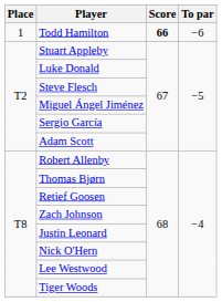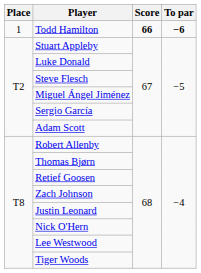 <table class="wikitable">
 <tr>
 <th>Place</th>
 <th>Player</th>
 <th>Score</th>
 <th>To par</th>
 </tr>
 <tr>
 <td align=center>1</td>
 <td> <a href='#'>Todd Hamilton</a></td>
 <td align=center><strong>66</strong></td>
-<td align=center>−6</td>
+<td align=center><strong>−6</strong></td>
 </tr>
 <tr>
 <td rowspan="6" align=center>T2</td>
 <td> <a href='#'>Stuart Appleby</a></td>
 <td rowspan="6" align=center>67</td>
 <td rowspan="6" align=center>−5</td>
 </tr>
 <tr>
 <td> <a href='#'>Luke Donald</a></td>
 </tr>
 <tr>
 <td> <a href='#'>Steve Flesch</a></td>
 </tr>
 <tr>
 <td> <a href='#'>Miguel Ángel Jiménez</a></td>
 </tr>
 <tr>
 <td> <a href='#'>Sergio García</a></td>
 </tr>
 <tr>
 <td> <a href='#'>Adam Scott</a></td>
 </tr>
 <tr>
 <td rowspan="8" align=center>T8</td>
 <td> <a href='#'>Robert Allenby</a></td>
 <td rowspan="8" align=center>68</td>
 <td rowspan="8" align=center>−4</td>
 </tr>
 <tr>
 <td> <a href='#'>Thomas Bjørn</a></td>
 </tr>
 <tr>
 <td> <a href='#'>Retief Goosen</a></td>
 </tr>
 <tr>
 <td> <a href='#'>Zach Johnson</a></td>
 </tr>
 <tr>
 <td> <a href='#'>Justin Leonard</a></td>
 </tr>
 <tr>
 <td> <a href='#'>Nick O'Hern</a></td>
 </tr>
 <tr>
 <td> <a href='#'>Lee Westwood</a></td>
 </tr>
 <tr>
 <td> <a href='#'>Tiger Woods</a></td>
 </tr>
 </table>
